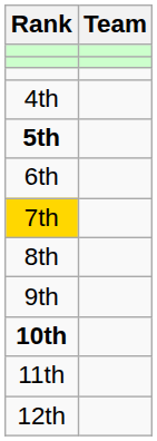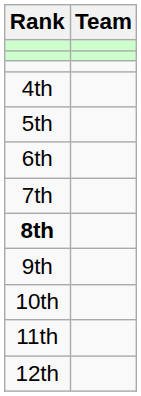 <table class=wikitable style="text-align:center;">
 <tr>
 <th>Rank</th>
 <th>Team</th>
 </tr>
 <tr bgcolor=#ccffcc>
 <td></td>
 <td align=left></td>
 </tr>
 <tr bgcolor=#ccffcc>
 <td></td>
 <td align=left></td>
 </tr>
 <tr>
 <td></td>
 <td align=left></td>
 </tr>
 <tr>
 <td>4th</td>
 <td align=left></td>
 </tr>
 <tr>
-<td><strong>5th</strong></td>
+<td>5th</td>
 <td align=left></td>
 </tr>
 <tr>
 <td>6th</td>
 <td align=left></td>
 </tr>
 <tr>
-<td style="background: gold;">7th</td>
+<td>7th</td>
 <td align=left></td>
 </tr>
 <tr>
-<td>8th</td>
+<td><strong>8th</strong></td>
 <td align=left></td>
 </tr>
 <tr>
 <td>9th</td>
 <td align=left></td>
 </tr>
 <tr>
-<td><strong>10th</strong></td>
+<td>10th</td>
 <td align=left></td>
 </tr>
 <tr>
 <td>11th</td>
 <td align=left></td>
 </tr>
 <tr>
 <td>12th</td>
 <td align=left></td>
 </tr>
 </table>
